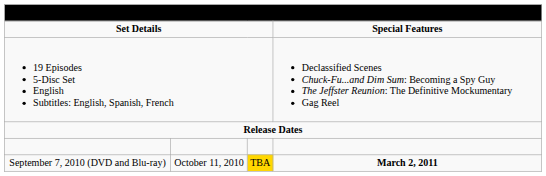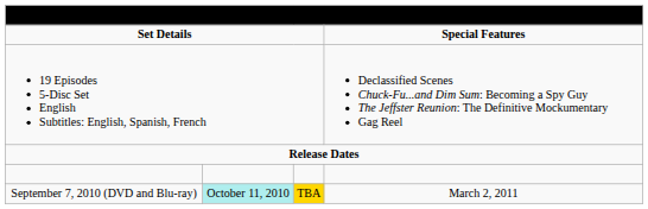 <table class="wikitable" style="font-size: 95%;">
 <tr style="background:#000">
 <td colspan="6"><span><strong><em>Chuck: The Complete Third Season</em></strong></span></td>
 </tr>
 <tr valign="top">
 <td align="center" width="400" colspan="3"><strong>Set Details</strong></td>
 <td width="400" align="center" colspan="3"><strong>Special Features</strong></td>
 </tr>
 <tr valign="top">
 <td colspan="3" align="left"><br><ul><li>19 Episodes</li><li>5-Disc Set</li><li>English</li><li>Subtitles: English, Spanish, French</li></ul></td>
 <td colspan="3" align="left" width="400"><br><ul><li>Declassified Scenes</li><li><em>Chuck-Fu...and Dim Sum</em>: Becoming a Spy Guy</li><li><em>The Jeffster Reunion</em>: The Definitive Mockumentary</li><li>Gag Reel</li></ul></td>
 </tr>
 <tr>
 <td colspan="6" align="center"><strong>Release Dates</strong></td>
 </tr>
 <tr>
 <td colspan="1" align="center"><br></td>
 <td colspan="1" align="center"></td>
 <td colspan="1" align="center"><br></td>
 <td colspan="1" align="center"></td>
 </tr>
 <tr>
 <td colspan="1" align="center">September 7, 2010 (DVD and Blu-ray)</td>
-<td colspan="1" align="center">October 11, 2010</td>
+<td colspan="1" align="center" style="background: paleturquoise;">October 11, 2010</td>
 <td colspan="1" align="center" style="background: gold;">TBA</td>
-<td colspan="1" align="center"><strong>March 2, 2011</strong></td>
+<td colspan="1" align="center">March 2, 2011</td>
 </tr>
 </table>
